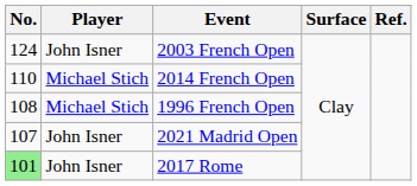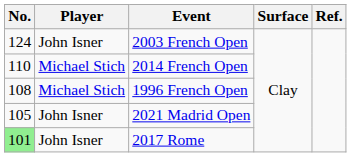 <table class="wikitable sortable">
 <tr>
 <th scope="col">No.</th>
 <th scope="col">Player</th>
 <th scope="col">Event</th>
 <th scope="col">Surface</th>
 <th scope="col" class=unsortable>Ref.</th>
 </tr>
 <tr>
 <td>124</td>
 <td> John Isner</td>
 <td><a href='#'>2003 French Open</a></td>
 <td rowspan="5" style="text-align:center">Clay</td>
 <td rowspan="5"></td>
 </tr>
 <tr>
 <td>110</td>
 <td> <a href='#'>Michael Stich</a></td>
 <td><a href='#'>2014 French Open</a></td>
 </tr>
 <tr>
 <td>108</td>
 <td> <a href='#'>Michael Stich</a></td>
 <td><a href='#'>1996 French Open</a></td>
 </tr>
 <tr>
-<td>107</td>
+<td>105</td>
 <td> John Isner</td>
 <td><a href='#'>2021 Madrid Open</a></td>
 </tr>
 <tr>
 <td style="background: lightgreen;">101</td>
 <td> John Isner</td>
 <td><a href='#'>2017 Rome</a></td>
 </tr>
 </table>
